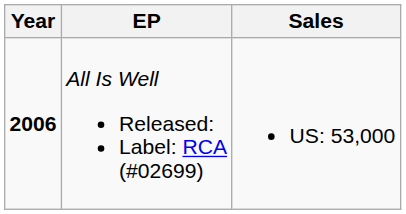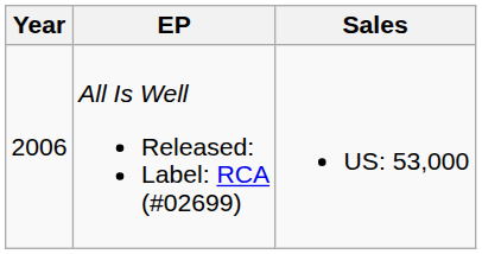 <table class="wikitable">
 <tr>
 <th>Year</th>
 <th>EP</th>
 <th>Sales</th>
 </tr>
 <tr>
-<td><strong>2006</strong></td>
+<td>2006</td>
 <td><br><em>All Is Well</em><ul><li>Released: </li><li>Label: <a href='#'>RCA</a><br>(#02699)</li></ul></td>
 <td><br><ul><li>US: 53,000</li></ul></td>
 </tr>
 </table>
